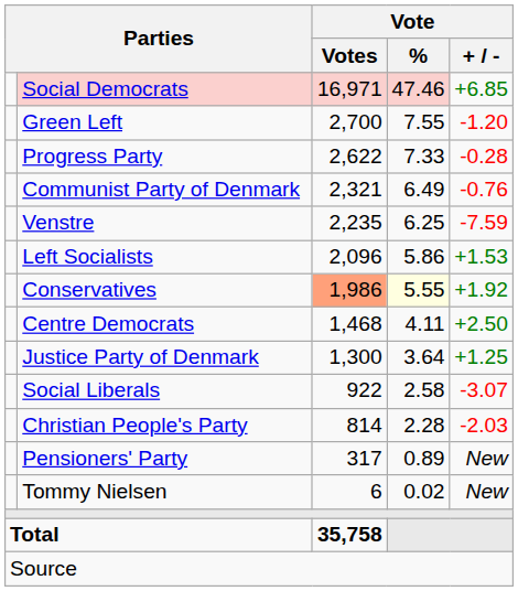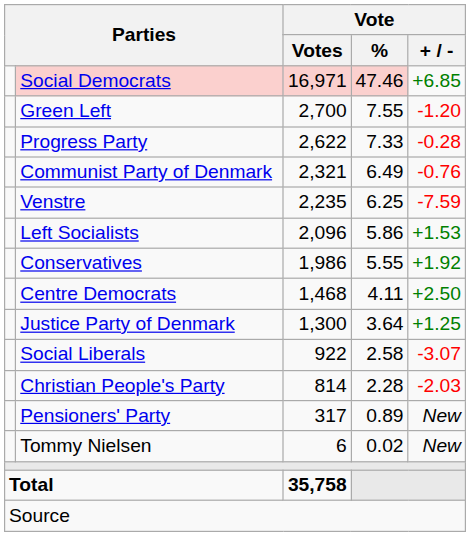 <table class="wikitable" style="text-align:right;">
 <tr>
 <th style="text-align:centre;" rowspan="2" colspan="2" width="225">Parties</th>
 <th colspan="3">Vote</th>
 </tr>
 <tr>
 <th width="15">Votes</th>
 <th width="15">%</th>
 <th width="15">+ / -</th>
 </tr>
 <tr>
 <td width="2" style="color:inherit;background:"></td>
 <td bgcolor=#fbd0ce  align="left"><a href='#'>Social Democrats</a></td>
 <td bgcolor=#fbd0ce>16,971</td>
 <td bgcolor=#fbd0ce>47.46</td>
 <td style=color:green;>+6.85</td>
 </tr>
 <tr>
 <td width="2" style="color:inherit;background:"></td>
 <td align="left"><a href='#'>Green Left</a></td>
 <td>2,700</td>
 <td>7.55</td>
 <td style=color:red;>-1.20</td>
 </tr>
 <tr>
 <td width="2" style="color:inherit;background:"></td>
 <td align="left"><a href='#'>Progress Party</a></td>
 <td>2,622</td>
 <td>7.33</td>
 <td style=color:red;>-0.28</td>
 </tr>
 <tr>
 <td width="2" style="color:inherit;background:"></td>
 <td align="left"><a href='#'>Communist Party of Denmark</a></td>
 <td>2,321</td>
 <td>6.49</td>
 <td style=color:red;>-0.76</td>
 </tr>
 <tr>
 <td width="2" style="color:inherit;background:"></td>
 <td align="left"><a href='#'>Venstre</a></td>
 <td>2,235</td>
 <td>6.25</td>
 <td style=color:red;>-7.59</td>
 </tr>
 <tr>
 <td width="2" style="color:inherit;background:"></td>
 <td align="left"><a href='#'>Left Socialists</a></td>
 <td>2,096</td>
 <td>5.86</td>
 <td style=color:green;>+1.53</td>
 </tr>
 <tr>
 <td width="2" style="color:inherit;background:"></td>
 <td align="left"><a href='#'>Conservatives</a></td>
-<td style="background: lightsalmon;">1,986</td>
-<td style="background: lightyellow;">5.55</td>
+<td>1,986</td>
+<td>5.55</td>
 <td style=color:green;>+1.92</td>
 </tr>
 <tr>
 <td width="2" style="color:inherit;background:"></td>
 <td align="left"><a href='#'>Centre Democrats</a></td>
 <td>1,468</td>
 <td>4.11</td>
 <td style=color:green;>+2.50</td>
 </tr>
 <tr>
 <td width="2" style="color:inherit;background:"></td>
 <td align="left"><a href='#'>Justice Party of Denmark</a></td>
 <td>1,300</td>
 <td>3.64</td>
 <td style=color:green;>+1.25</td>
 </tr>
 <tr>
 <td width="2" style="color:inherit;background:"></td>
 <td align="left"><a href='#'>Social Liberals</a></td>
 <td>922</td>
 <td>2.58</td>
 <td style=color:red;>-3.07</td>
 </tr>
 <tr>
 <td width="2" style="color:inherit;background:"></td>
 <td align="left"><a href='#'>Christian People's Party</a></td>
 <td>814</td>
 <td>2.28</td>
 <td style=color:red;>-2.03</td>
 </tr>
 <tr>
 <td width="2" style="color:inherit;background:"></td>
 <td align="left"><a href='#'>Pensioners' Party</a></td>
 <td>317</td>
 <td>0.89</td>
 <td><em>New</em></td>
 </tr>
 <tr>
 <td width="2" style="color:inherit;background:"></td>
 <td align="left">Tommy Nielsen</td>
 <td>6</td>
 <td>0.02</td>
 <td><em>New</em></td>
 </tr>
 <tr>
 <td colspan="7" bgcolor="#E9E9E9"></td>
 </tr>
 <tr>
 <td align="left" colspan="2"><strong>Total</strong></td>
 <td><strong>35,758</strong></td>
 <td bgcolor="#E9E9E9" colspan="2"></td>
 </tr>
 <tr>
 <td align="left" colspan="6">Source</td>
 </tr>
 </table>
